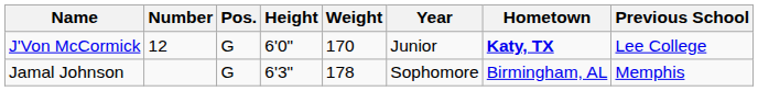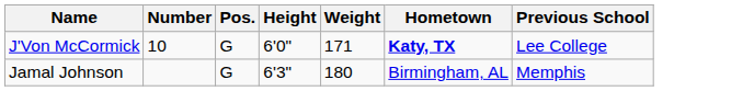 <table class="wikitable sortable" border="1">
 <tr>
 <th>Name</th>
 <th>Number</th>
 <th>Pos.</th>
 <th>Height</th>
 <th>Weight</th>
-<th>Year</th>
 <th>Hometown</th>
 <th class="unsortable">Previous School</th>
 </tr>
 <tr>
 <td><a href='#'>J'Von McCormick</a></td>
-<td>12</td>
+<td>10</td>
 <td>G</td>
 <td>6'0"</td>
-<td>170</td>
-<td>Junior</td>
+<td>171</td>
 <td><strong><a href='#'>Katy, TX</a></strong></td>
 <td><a href='#'>Lee College</a></td>
 </tr>
 <tr>
 <td>Jamal Johnson</td>
 <td></td>
 <td>G</td>
 <td>6'3"</td>
-<td>178</td>
-<td>Sophomore</td>
+<td>180</td>
 <td><a href='#'>Birmingham, AL</a></td>
 <td><a href='#'>Memphis</a></td>
 </tr>
 </table>
